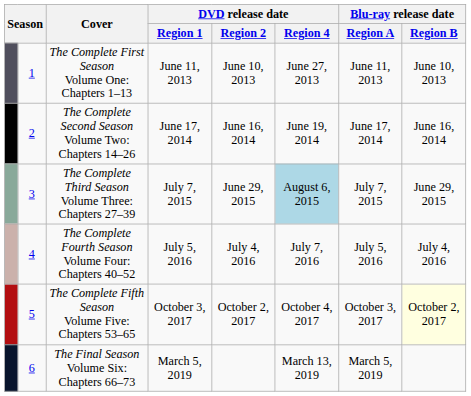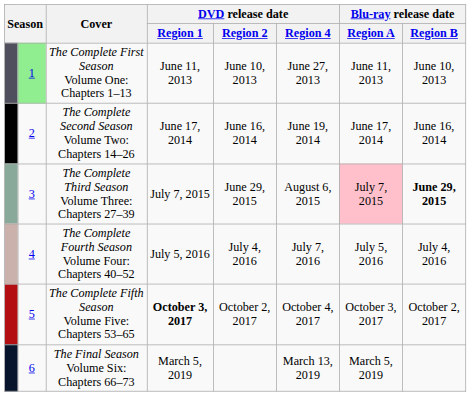 <table class="wikitable" style="text-align:center">
 <tr>
 <th colspan="2" rowspan="2">Season</th>
 <th rowspan="2">Cover</th>
 <th colspan="3"><a href='#'>DVD</a> release date</th>
 <th colspan="2"><a href='#'>Blu-ray</a> release date</th>
 </tr>
 <tr>
 <th scope="col"><a href='#'>Region 1</a></th>
 <th scope="col"><a href='#'>Region 2</a></th>
 <th scope="col"><a href='#'>Region 4</a></th>
 <th scope="col"><a href='#'>Region A</a></th>
 <th scope="col"><a href='#'>Region B</a></th>
 </tr>
 <tr>
 <td style="background: #504f5d;"></td>
-<td><a href='#'>1</a></td>
+<td style="background: lightgreen;"><a href='#'>1</a></td>
 <td><em>The Complete First Season</em><br>Volume One: Chapters 1–13</td>
 <td>June 11, 2013</td>
 <td>June 10, 2013</td>
 <td>June 27, 2013</td>
 <td>June 11, 2013</td>
 <td>June 10, 2013</td>
 </tr>
 <tr>
 <td style="background: #000000;"></td>
 <td><a href='#'>2</a></td>
 <td><em>The Complete Second Season</em><br>Volume Two: Chapters 14–26</td>
 <td>June 17, 2014</td>
 <td>June 16, 2014</td>
 <td>June 19, 2014</td>
 <td>June 17, 2014</td>
 <td>June 16, 2014</td>
 </tr>
 <tr>
 <td style="background: #89a99a;"></td>
 <td><a href='#'>3</a></td>
 <td><em>The Complete Third Season</em><br>Volume Three: Chapters 27–39</td>
 <td>July 7, 2015</td>
 <td>June 29, 2015</td>
-<td style="background: lightblue;">August 6, 2015</td>
-<td>July 7, 2015</td>
-<td>June 29, 2015</td>
+<td>August 6, 2015</td>
+<td style="background: pink;">July 7, 2015</td>
+<td><strong>June 29, 2015</strong></td>
 </tr>
 <tr>
 <td style="background: #cbb1ab;"></td>
 <td><a href='#'>4</a></td>
 <td><em>The Complete Fourth Season</em><br>Volume Four: Chapters 40–52</td>
 <td>July 5, 2016</td>
 <td>July 4, 2016</td>
 <td>July 7, 2016</td>
 <td>July 5, 2016</td>
 <td>July 4, 2016</td>
 </tr>
 <tr>
 <td style="background: #b30e11;"></td>
 <td><a href='#'>5</a></td>
 <td><em>The Complete Fifth Season</em><br>Volume Five: Chapters 53–65</td>
-<td>October 3, 2017</td>
+<td><strong>October 3, 2017</strong></td>
 <td>October 2, 2017</td>
 <td>October 4, 2017</td>
 <td>October 3, 2017</td>
-<td style="background: lightyellow;">October 2, 2017</td>
+<td>October 2, 2017</td>
 </tr>
 <tr>
 <td style="background: #08142c;"></td>
 <td><a href='#'>6</a></td>
 <td><em>The Final Season</em><br>Volume Six: Chapters 66–73</td>
 <td>March 5, 2019</td>
 <td></td>
 <td>March 13, 2019</td>
 <td>March 5, 2019</td>
 <td></td>
 </tr>
 </table>
